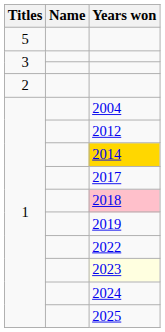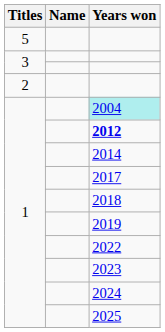 <table class="wikitable style="font-size:100%; text-align: left; width:70%">
 <tr>
 <th>Titles</th>
 <th>Name</th>
 <th>Years won</th>
 </tr>
 <tr>
 <td align=center>5</td>
 <td></td>
 <td></td>
 </tr>
 <tr>
 <td rowspan=2 align=center>3</td>
 <td></td>
 <td></td>
 </tr>
 <tr>
 <td></td>
 <td></td>
 </tr>
 <tr>
 <td align=center>2</td>
 <td></td>
 <td></td>
 </tr>
 <tr>
 <td rowspan="10" align="center">1</td>
 <td></td>
-<td><a href='#'>2004</a></td>
+<td style="background: paleturquoise;"><a href='#'>2004</a></td>
 </tr>
 <tr>
 <td></td>
-<td><a href='#'>2012</a></td>
+<td><strong><a href='#'>2012</a></strong></td>
 </tr>
 <tr>
 <td></td>
-<td style="background: gold;"><a href='#'>2014</a></td>
+<td><a href='#'>2014</a></td>
 </tr>
 <tr>
 <td></td>
 <td><a href='#'>2017</a></td>
 </tr>
 <tr>
 <td></td>
-<td style="background: pink;"><a href='#'>2018</a></td>
+<td><a href='#'>2018</a></td>
 </tr>
 <tr>
 <td></td>
 <td><a href='#'>2019</a></td>
 </tr>
 <tr>
 <td></td>
 <td><a href='#'>2022</a></td>
 </tr>
 <tr>
 <td></td>
-<td style="background: lightyellow;"><a href='#'>2023</a></td>
+<td><a href='#'>2023</a></td>
 </tr>
 <tr>
 <td></td>
 <td><a href='#'>2024</a></td>
 </tr>
 <tr>
 <td></td>
 <td><a href='#'>2025</a></td>
 </tr>
 </table>
